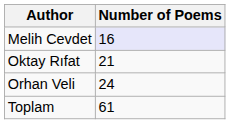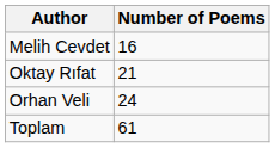 <table class="wikitable">
 <tr>
 <th>Author</th>
 <th>Number of Poems</th>
 </tr>
 <tr>
 <td>Melih Cevdet</td>
-<td style="background: lavender;">16</td>
+<td>16</td>
 </tr>
 <tr>
 <td>Oktay Rıfat</td>
 <td>21</td>
 </tr>
 <tr>
 <td>Orhan Veli</td>
 <td>24</td>
 </tr>
 <tr>
 <td>Toplam</td>
 <td>61</td>
 </tr>
 </table>
